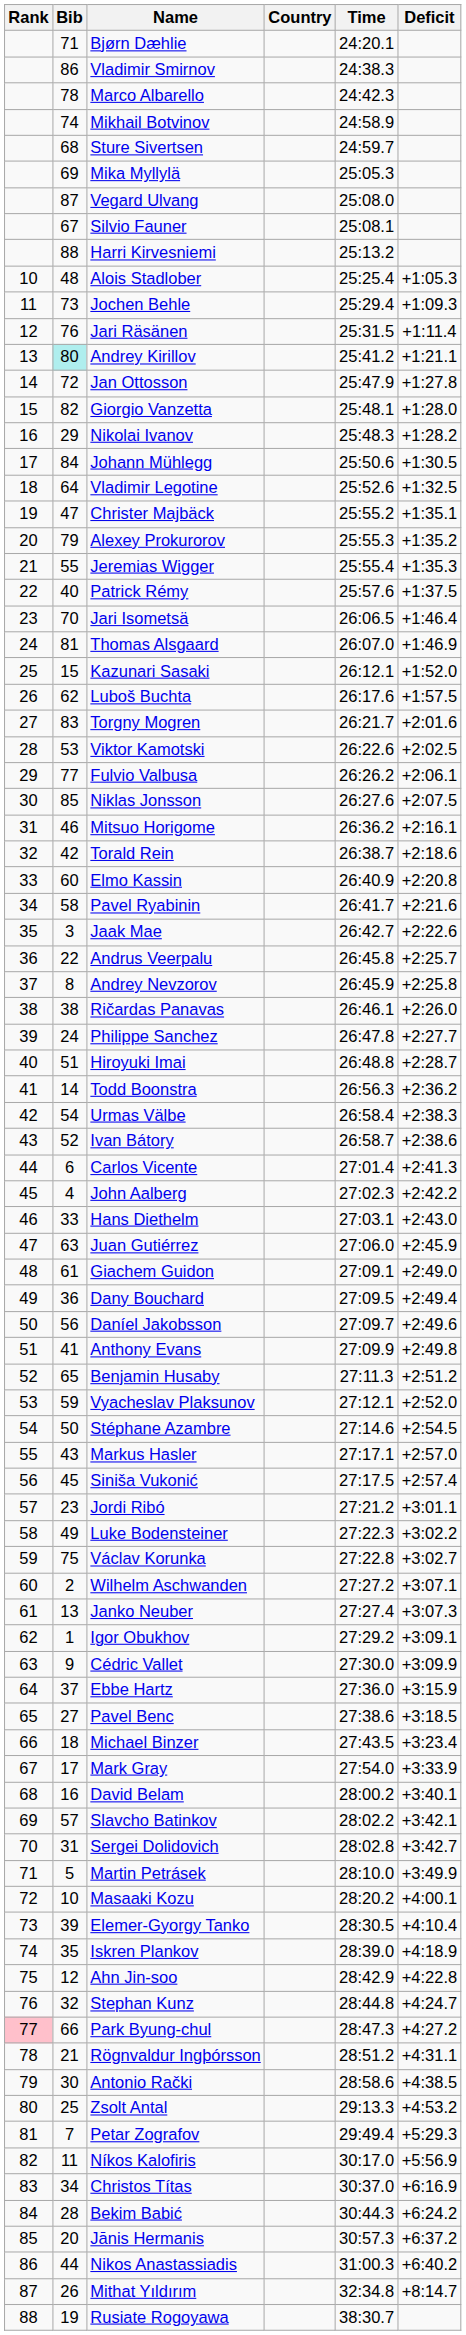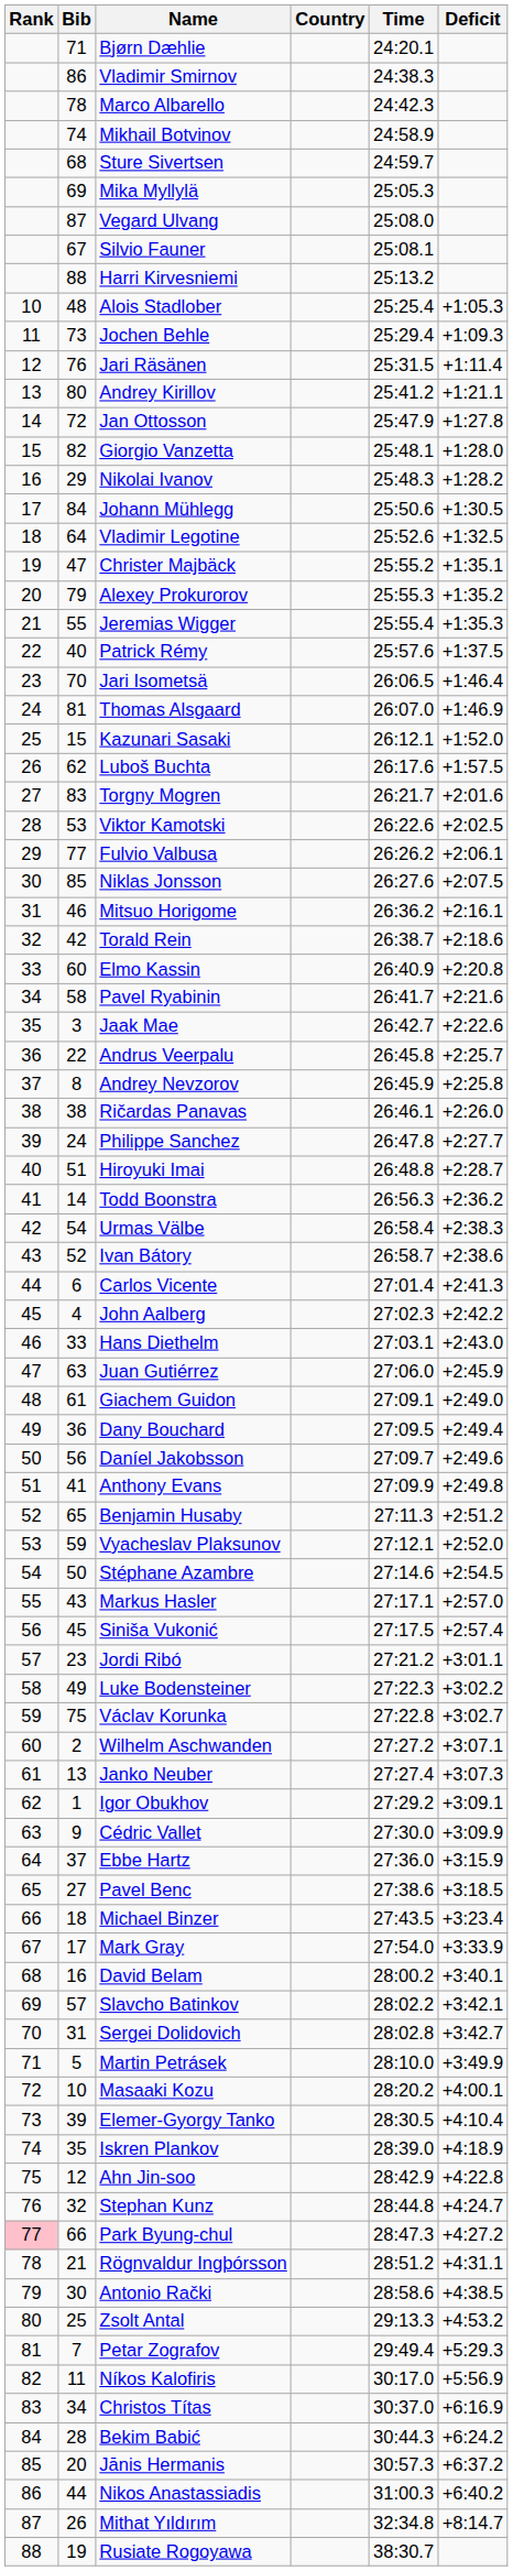 <table class="wikitable sortable" style="text-align:center">
 <tr>
 <th>Rank</th>
 <th>Bib</th>
 <th>Name</th>
 <th>Country</th>
 <th>Time</th>
 <th>Deficit</th>
 </tr>
 <tr>
 <td></td>
 <td>71</td>
 <td align="left"><a href='#'>Bjørn Dæhlie</a></td>
 <td align="left"></td>
 <td>24:20.1</td>
 <td></td>
 </tr>
 <tr>
 <td></td>
 <td>86</td>
 <td align="left"><a href='#'>Vladimir Smirnov</a></td>
 <td align="left"></td>
 <td>24:38.3</td>
 <td></td>
 </tr>
 <tr>
 <td></td>
 <td>78</td>
 <td align="left"><a href='#'>Marco Albarello</a></td>
 <td align="left"></td>
 <td>24:42.3</td>
 <td></td>
 </tr>
 <tr>
 <td></td>
 <td>74</td>
 <td align="left"><a href='#'>Mikhail Botvinov</a></td>
 <td align="left"></td>
 <td>24:58.9</td>
 <td></td>
 </tr>
 <tr>
 <td></td>
 <td>68</td>
 <td align="left"><a href='#'>Sture Sivertsen</a></td>
 <td align="left"></td>
 <td>24:59.7</td>
 <td></td>
 </tr>
 <tr>
 <td></td>
 <td>69</td>
 <td align="left"><a href='#'>Mika Myllylä</a></td>
 <td align="left"></td>
 <td>25:05.3</td>
 <td></td>
 </tr>
 <tr>
 <td></td>
 <td>87</td>
 <td align="left"><a href='#'>Vegard Ulvang</a></td>
 <td align="left"></td>
 <td>25:08.0</td>
 <td></td>
 </tr>
 <tr>
 <td></td>
 <td>67</td>
 <td align="left"><a href='#'>Silvio Fauner</a></td>
 <td align="left"></td>
 <td>25:08.1</td>
 <td></td>
 </tr>
 <tr>
 <td></td>
 <td>88</td>
 <td align="left"><a href='#'>Harri Kirvesniemi</a></td>
 <td align="left"></td>
 <td>25:13.2</td>
 <td></td>
 </tr>
 <tr>
 <td>10</td>
 <td>48</td>
 <td align="left"><a href='#'>Alois Stadlober</a></td>
 <td align="left"></td>
 <td>25:25.4</td>
 <td>+1:05.3</td>
 </tr>
 <tr>
 <td>11</td>
 <td>73</td>
 <td align="left"><a href='#'>Jochen Behle</a></td>
 <td align="left"></td>
 <td>25:29.4</td>
 <td>+1:09.3</td>
 </tr>
 <tr>
 <td>12</td>
 <td>76</td>
 <td align="left"><a href='#'>Jari Räsänen</a></td>
 <td align="left"></td>
 <td>25:31.5</td>
 <td>+1:11.4</td>
 </tr>
 <tr>
 <td>13</td>
-<td style="background: paleturquoise;">80</td>
+<td>80</td>
 <td align="left"><a href='#'>Andrey Kirillov</a></td>
 <td align="left"></td>
 <td>25:41.2</td>
 <td>+1:21.1</td>
 </tr>
 <tr>
 <td>14</td>
 <td>72</td>
 <td align="left"><a href='#'>Jan Ottosson</a></td>
 <td align="left"></td>
 <td>25:47.9</td>
 <td>+1:27.8</td>
 </tr>
 <tr>
 <td>15</td>
 <td>82</td>
 <td align="left"><a href='#'>Giorgio Vanzetta</a></td>
 <td align="left"></td>
 <td>25:48.1</td>
 <td>+1:28.0</td>
 </tr>
 <tr>
 <td>16</td>
 <td>29</td>
 <td align="left"><a href='#'>Nikolai Ivanov</a></td>
 <td align="left"></td>
 <td>25:48.3</td>
 <td>+1:28.2</td>
 </tr>
 <tr>
 <td>17</td>
 <td>84</td>
 <td align="left"><a href='#'>Johann Mühlegg</a></td>
 <td align="left"></td>
 <td>25:50.6</td>
 <td>+1:30.5</td>
 </tr>
 <tr>
 <td>18</td>
 <td>64</td>
 <td align="left"><a href='#'>Vladimir Legotine</a></td>
 <td align="left"></td>
 <td>25:52.6</td>
 <td>+1:32.5</td>
 </tr>
 <tr>
 <td>19</td>
 <td>47</td>
 <td align="left"><a href='#'>Christer Majbäck</a></td>
 <td align="left"></td>
 <td>25:55.2</td>
 <td>+1:35.1</td>
 </tr>
 <tr>
 <td>20</td>
 <td>79</td>
 <td align="left"><a href='#'>Alexey Prokurorov</a></td>
 <td align="left"></td>
 <td>25:55.3</td>
 <td>+1:35.2</td>
 </tr>
 <tr>
 <td>21</td>
 <td>55</td>
 <td align="left"><a href='#'>Jeremias Wigger</a></td>
 <td align="left"></td>
 <td>25:55.4</td>
 <td>+1:35.3</td>
 </tr>
 <tr>
 <td>22</td>
 <td>40</td>
 <td align="left"><a href='#'>Patrick Rémy</a></td>
 <td align="left"></td>
 <td>25:57.6</td>
 <td>+1:37.5</td>
 </tr>
 <tr>
 <td>23</td>
 <td>70</td>
 <td align="left"><a href='#'>Jari Isometsä</a></td>
 <td align="left"></td>
 <td>26:06.5</td>
 <td>+1:46.4</td>
 </tr>
 <tr>
 <td>24</td>
 <td>81</td>
 <td align="left"><a href='#'>Thomas Alsgaard</a></td>
 <td align="left"></td>
 <td>26:07.0</td>
 <td>+1:46.9</td>
 </tr>
 <tr>
 <td>25</td>
 <td>15</td>
 <td align="left"><a href='#'>Kazunari Sasaki</a></td>
 <td align="left"></td>
 <td>26:12.1</td>
 <td>+1:52.0</td>
 </tr>
 <tr>
 <td>26</td>
 <td>62</td>
 <td align="left"><a href='#'>Luboš Buchta</a></td>
 <td align="left"></td>
 <td>26:17.6</td>
 <td>+1:57.5</td>
 </tr>
 <tr>
 <td>27</td>
 <td>83</td>
 <td align="left"><a href='#'>Torgny Mogren</a></td>
 <td align="left"></td>
 <td>26:21.7</td>
 <td>+2:01.6</td>
 </tr>
 <tr>
 <td>28</td>
 <td>53</td>
 <td align="left"><a href='#'>Viktor Kamotski</a></td>
 <td align="left"></td>
 <td>26:22.6</td>
 <td>+2:02.5</td>
 </tr>
 <tr>
 <td>29</td>
 <td>77</td>
 <td align="left"><a href='#'>Fulvio Valbusa</a></td>
 <td align="left"></td>
 <td>26:26.2</td>
 <td>+2:06.1</td>
 </tr>
 <tr>
 <td>30</td>
 <td>85</td>
 <td align="left"><a href='#'>Niklas Jonsson</a></td>
 <td align="left"></td>
 <td>26:27.6</td>
 <td>+2:07.5</td>
 </tr>
 <tr>
 <td>31</td>
 <td>46</td>
 <td align="left"><a href='#'>Mitsuo Horigome</a></td>
 <td align="left"></td>
 <td>26:36.2</td>
 <td>+2:16.1</td>
 </tr>
 <tr>
 <td>32</td>
 <td>42</td>
 <td align="left"><a href='#'>Torald Rein</a></td>
 <td align="left"></td>
 <td>26:38.7</td>
 <td>+2:18.6</td>
 </tr>
 <tr>
 <td>33</td>
 <td>60</td>
 <td align="left"><a href='#'>Elmo Kassin</a></td>
 <td align="left"></td>
 <td>26:40.9</td>
 <td>+2:20.8</td>
 </tr>
 <tr>
 <td>34</td>
 <td>58</td>
 <td align="left"><a href='#'>Pavel Ryabinin</a></td>
 <td align="left"></td>
 <td>26:41.7</td>
 <td>+2:21.6</td>
 </tr>
 <tr>
 <td>35</td>
 <td>3</td>
 <td align="left"><a href='#'>Jaak Mae</a></td>
 <td align="left"></td>
 <td>26:42.7</td>
 <td>+2:22.6</td>
 </tr>
 <tr>
 <td>36</td>
 <td>22</td>
 <td align="left"><a href='#'>Andrus Veerpalu</a></td>
 <td align="left"></td>
 <td>26:45.8</td>
 <td>+2:25.7</td>
 </tr>
 <tr>
 <td>37</td>
 <td>8</td>
 <td align="left"><a href='#'>Andrey Nevzorov</a></td>
 <td align="left"></td>
 <td>26:45.9</td>
 <td>+2:25.8</td>
 </tr>
 <tr>
 <td>38</td>
 <td>38</td>
 <td align="left"><a href='#'>Ričardas Panavas</a></td>
 <td align="left"></td>
 <td>26:46.1</td>
 <td>+2:26.0</td>
 </tr>
 <tr>
 <td>39</td>
 <td>24</td>
 <td align="left"><a href='#'>Philippe Sanchez</a></td>
 <td align="left"></td>
 <td>26:47.8</td>
 <td>+2:27.7</td>
 </tr>
 <tr>
 <td>40</td>
 <td>51</td>
 <td align="left"><a href='#'>Hiroyuki Imai</a></td>
 <td align="left"></td>
 <td>26:48.8</td>
 <td>+2:28.7</td>
 </tr>
 <tr>
 <td>41</td>
 <td>14</td>
 <td align="left"><a href='#'>Todd Boonstra</a></td>
 <td align="left"></td>
 <td>26:56.3</td>
 <td>+2:36.2</td>
 </tr>
 <tr>
 <td>42</td>
 <td>54</td>
 <td align="left"><a href='#'>Urmas Välbe</a></td>
 <td align="left"></td>
 <td>26:58.4</td>
 <td>+2:38.3</td>
 </tr>
 <tr>
 <td>43</td>
 <td>52</td>
 <td align="left"><a href='#'>Ivan Bátory</a></td>
 <td align="left"></td>
 <td>26:58.7</td>
 <td>+2:38.6</td>
 </tr>
 <tr>
 <td>44</td>
 <td>6</td>
 <td align="left"><a href='#'>Carlos Vicente</a></td>
 <td align="left"></td>
 <td>27:01.4</td>
 <td>+2:41.3</td>
 </tr>
 <tr>
 <td>45</td>
 <td>4</td>
 <td align="left"><a href='#'>John Aalberg</a></td>
 <td align="left"></td>
 <td>27:02.3</td>
 <td>+2:42.2</td>
 </tr>
 <tr>
 <td>46</td>
 <td>33</td>
 <td align="left"><a href='#'>Hans Diethelm</a></td>
 <td align="left"></td>
 <td>27:03.1</td>
 <td>+2:43.0</td>
 </tr>
 <tr>
 <td>47</td>
 <td>63</td>
 <td align="left"><a href='#'>Juan Gutiérrez</a></td>
 <td align="left"></td>
 <td>27:06.0</td>
 <td>+2:45.9</td>
 </tr>
 <tr>
 <td>48</td>
 <td>61</td>
 <td align="left"><a href='#'>Giachem Guidon</a></td>
 <td align="left"></td>
 <td>27:09.1</td>
 <td>+2:49.0</td>
 </tr>
 <tr>
 <td>49</td>
 <td>36</td>
 <td align="left"><a href='#'>Dany Bouchard</a></td>
 <td align="left"></td>
 <td>27:09.5</td>
 <td>+2:49.4</td>
 </tr>
 <tr>
 <td>50</td>
 <td>56</td>
 <td align="left"><a href='#'>Daníel Jakobsson</a></td>
 <td align="left"></td>
 <td>27:09.7</td>
 <td>+2:49.6</td>
 </tr>
 <tr>
 <td>51</td>
 <td>41</td>
 <td align="left"><a href='#'>Anthony Evans</a></td>
 <td align="left"></td>
 <td>27:09.9</td>
 <td>+2:49.8</td>
 </tr>
 <tr>
 <td>52</td>
 <td>65</td>
 <td align="left"><a href='#'>Benjamin Husaby</a></td>
 <td align="left"></td>
 <td>27:11.3</td>
 <td>+2:51.2</td>
 </tr>
 <tr>
 <td>53</td>
 <td>59</td>
 <td align="left"><a href='#'>Vyacheslav Plaksunov</a></td>
 <td align="left"></td>
 <td>27:12.1</td>
 <td>+2:52.0</td>
 </tr>
 <tr>
 <td>54</td>
 <td>50</td>
 <td align="left"><a href='#'>Stéphane Azambre</a></td>
 <td align="left"></td>
 <td>27:14.6</td>
 <td>+2:54.5</td>
 </tr>
 <tr>
 <td>55</td>
 <td>43</td>
 <td align="left"><a href='#'>Markus Hasler</a></td>
 <td align="left"></td>
 <td>27:17.1</td>
 <td>+2:57.0</td>
 </tr>
 <tr>
 <td>56</td>
 <td>45</td>
 <td align="left"><a href='#'>Siniša Vukonić</a></td>
 <td align="left"></td>
 <td>27:17.5</td>
 <td>+2:57.4</td>
 </tr>
 <tr>
 <td>57</td>
 <td>23</td>
 <td align="left"><a href='#'>Jordi Ribó</a></td>
 <td align="left"></td>
 <td>27:21.2</td>
 <td>+3:01.1</td>
 </tr>
 <tr>
 <td>58</td>
 <td>49</td>
 <td align="left"><a href='#'>Luke Bodensteiner</a></td>
 <td align="left"></td>
 <td>27:22.3</td>
 <td>+3:02.2</td>
 </tr>
 <tr>
 <td>59</td>
 <td>75</td>
 <td align="left"><a href='#'>Václav Korunka</a></td>
 <td align="left"></td>
 <td>27:22.8</td>
 <td>+3:02.7</td>
 </tr>
 <tr>
 <td>60</td>
 <td>2</td>
 <td align="left"><a href='#'>Wilhelm Aschwanden</a></td>
 <td align="left"></td>
 <td>27:27.2</td>
 <td>+3:07.1</td>
 </tr>
 <tr>
 <td>61</td>
 <td>13</td>
 <td align="left"><a href='#'>Janko Neuber</a></td>
 <td align="left"></td>
 <td>27:27.4</td>
 <td>+3:07.3</td>
 </tr>
 <tr>
 <td>62</td>
 <td>1</td>
 <td align="left"><a href='#'>Igor Obukhov</a></td>
 <td align="left"></td>
 <td>27:29.2</td>
 <td>+3:09.1</td>
 </tr>
 <tr>
 <td>63</td>
 <td>9</td>
 <td align="left"><a href='#'>Cédric Vallet</a></td>
 <td align="left"></td>
 <td>27:30.0</td>
 <td>+3:09.9</td>
 </tr>
 <tr>
 <td>64</td>
 <td>37</td>
 <td align="left"><a href='#'>Ebbe Hartz</a></td>
 <td align="left"></td>
 <td>27:36.0</td>
 <td>+3:15.9</td>
 </tr>
 <tr>
 <td>65</td>
 <td>27</td>
 <td align="left"><a href='#'>Pavel Benc</a></td>
 <td align="left"></td>
 <td>27:38.6</td>
 <td>+3:18.5</td>
 </tr>
 <tr>
 <td>66</td>
 <td>18</td>
 <td align="left"><a href='#'>Michael Binzer</a></td>
 <td align="left"></td>
 <td>27:43.5</td>
 <td>+3:23.4</td>
 </tr>
 <tr>
 <td>67</td>
 <td>17</td>
 <td align="left"><a href='#'>Mark Gray</a></td>
 <td align="left"></td>
 <td>27:54.0</td>
 <td>+3:33.9</td>
 </tr>
 <tr>
 <td>68</td>
 <td>16</td>
 <td align="left"><a href='#'>David Belam</a></td>
 <td align="left"></td>
 <td>28:00.2</td>
 <td>+3:40.1</td>
 </tr>
 <tr>
 <td>69</td>
 <td>57</td>
 <td align="left"><a href='#'>Slavcho Batinkov</a></td>
 <td align="left"></td>
 <td>28:02.2</td>
 <td>+3:42.1</td>
 </tr>
 <tr>
 <td>70</td>
 <td>31</td>
 <td align="left"><a href='#'>Sergei Dolidovich</a></td>
 <td align="left"></td>
 <td>28:02.8</td>
 <td>+3:42.7</td>
 </tr>
 <tr>
 <td>71</td>
 <td>5</td>
 <td align="left"><a href='#'>Martin Petrásek</a></td>
 <td align="left"></td>
 <td>28:10.0</td>
 <td>+3:49.9</td>
 </tr>
 <tr>
 <td>72</td>
 <td>10</td>
 <td align="left"><a href='#'>Masaaki Kozu</a></td>
 <td align="left"></td>
 <td>28:20.2</td>
 <td>+4:00.1</td>
 </tr>
 <tr>
 <td>73</td>
 <td>39</td>
 <td align="left"><a href='#'>Elemer-Gyorgy Tanko</a></td>
 <td align="left"></td>
 <td>28:30.5</td>
 <td>+4:10.4</td>
 </tr>
 <tr>
 <td>74</td>
 <td>35</td>
 <td align="left"><a href='#'>Iskren Plankov</a></td>
 <td align="left"></td>
 <td>28:39.0</td>
 <td>+4:18.9</td>
 </tr>
 <tr>
 <td>75</td>
 <td>12</td>
 <td align="left"><a href='#'>Ahn Jin-soo</a></td>
 <td align="left"></td>
 <td>28:42.9</td>
 <td>+4:22.8</td>
 </tr>
 <tr>
 <td>76</td>
 <td>32</td>
 <td align="left"><a href='#'>Stephan Kunz</a></td>
 <td align="left"></td>
 <td>28:44.8</td>
 <td>+4:24.7</td>
 </tr>
 <tr>
 <td style="background: pink;">77</td>
 <td>66</td>
 <td align="left"><a href='#'>Park Byung-chul</a></td>
 <td align="left"></td>
 <td>28:47.3</td>
 <td>+4:27.2</td>
 </tr>
 <tr>
 <td>78</td>
 <td>21</td>
 <td align="left"><a href='#'>Rögnvaldur Ingþórsson</a></td>
 <td align="left"></td>
 <td>28:51.2</td>
 <td>+4:31.1</td>
 </tr>
 <tr>
 <td>79</td>
 <td>30</td>
 <td align="left"><a href='#'>Antonio Rački</a></td>
 <td align="left"></td>
 <td>28:58.6</td>
 <td>+4:38.5</td>
 </tr>
 <tr>
 <td>80</td>
 <td>25</td>
 <td align="left"><a href='#'>Zsolt Antal</a></td>
 <td align="left"></td>
 <td>29:13.3</td>
 <td>+4:53.2</td>
 </tr>
 <tr>
 <td>81</td>
 <td>7</td>
 <td align="left"><a href='#'>Petar Zografov</a></td>
 <td align="left"></td>
 <td>29:49.4</td>
 <td>+5:29.3</td>
 </tr>
 <tr>
 <td>82</td>
 <td>11</td>
 <td align="left"><a href='#'>Níkos Kalofiris</a></td>
 <td align="left"></td>
 <td>30:17.0</td>
 <td>+5:56.9</td>
 </tr>
 <tr>
 <td>83</td>
 <td>34</td>
 <td align="left"><a href='#'>Christos Títas</a></td>
 <td align="left"></td>
 <td>30:37.0</td>
 <td>+6:16.9</td>
 </tr>
 <tr>
 <td>84</td>
 <td>28</td>
 <td align="left"><a href='#'>Bekim Babić</a></td>
 <td align="left"></td>
 <td>30:44.3</td>
 <td>+6:24.2</td>
 </tr>
 <tr>
 <td>85</td>
 <td>20</td>
 <td align="left"><a href='#'>Jānis Hermanis</a></td>
 <td align="left"></td>
 <td>30:57.3</td>
 <td>+6:37.2</td>
 </tr>
 <tr>
 <td>86</td>
 <td>44</td>
 <td align="left"><a href='#'>Nikos Anastassiadis</a></td>
 <td align="left"></td>
 <td>31:00.3</td>
 <td>+6:40.2</td>
 </tr>
 <tr>
 <td>87</td>
 <td>26</td>
 <td align="left"><a href='#'>Mithat Yıldırım</a></td>
 <td align="left"></td>
 <td>32:34.8</td>
 <td>+8:14.7</td>
 </tr>
 <tr>
 <td>88</td>
 <td>19</td>
 <td align="left"><a href='#'>Rusiate Rogoyawa</a></td>
 <td align="left"></td>
 <td>38:30.7</td>
 <td></td>
 </tr>
 </table>
